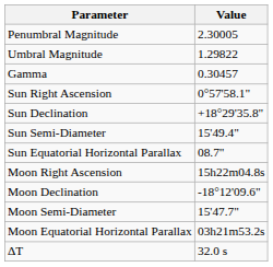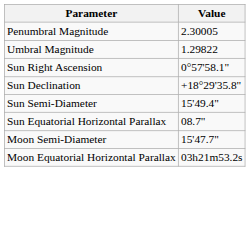 <table class="wikitable">
 <tr>
 <th>Parameter</th>
 <th>Value</th>
 </tr>
 <tr>
 <td>Penumbral Magnitude</td>
 <td>2.30005</td>
 </tr>
 <tr>
 <td>Umbral Magnitude</td>
 <td>1.29822</td>
-</tr>
-<tr>
-<td>Gamma</td>
-<td>0.30457</td>
 </tr>
 <tr>
 <td>Sun Right Ascension</td>
 <td>0°57'58.1"</td>
 </tr>
 <tr>
 <td>Sun Declination</td>
 <td>+18°29'35.8"</td>
 </tr>
 <tr>
 <td>Sun Semi-Diameter</td>
 <td>15'49.4"</td>
 </tr>
 <tr>
 <td>Sun Equatorial Horizontal Parallax</td>
 <td>08.7"</td>
 </tr>
 <tr>
-<td>Moon Right Ascension</td>
-<td>15h22m04.8s</td>
-</tr>
-<tr>
-<td>Moon Declination</td>
-<td>-18°12'09.6"</td>
-</tr>
-<tr>
 <td>Moon Semi-Diameter</td>
 <td>15'47.7"</td>
 </tr>
 <tr>
 <td>Moon Equatorial Horizontal Parallax</td>
 <td>03h21m53.2s</td>
 </tr>
-<tr>
-<td>ΔT</td>
-<td>32.0 s</td>
-</tr>
 </table>
